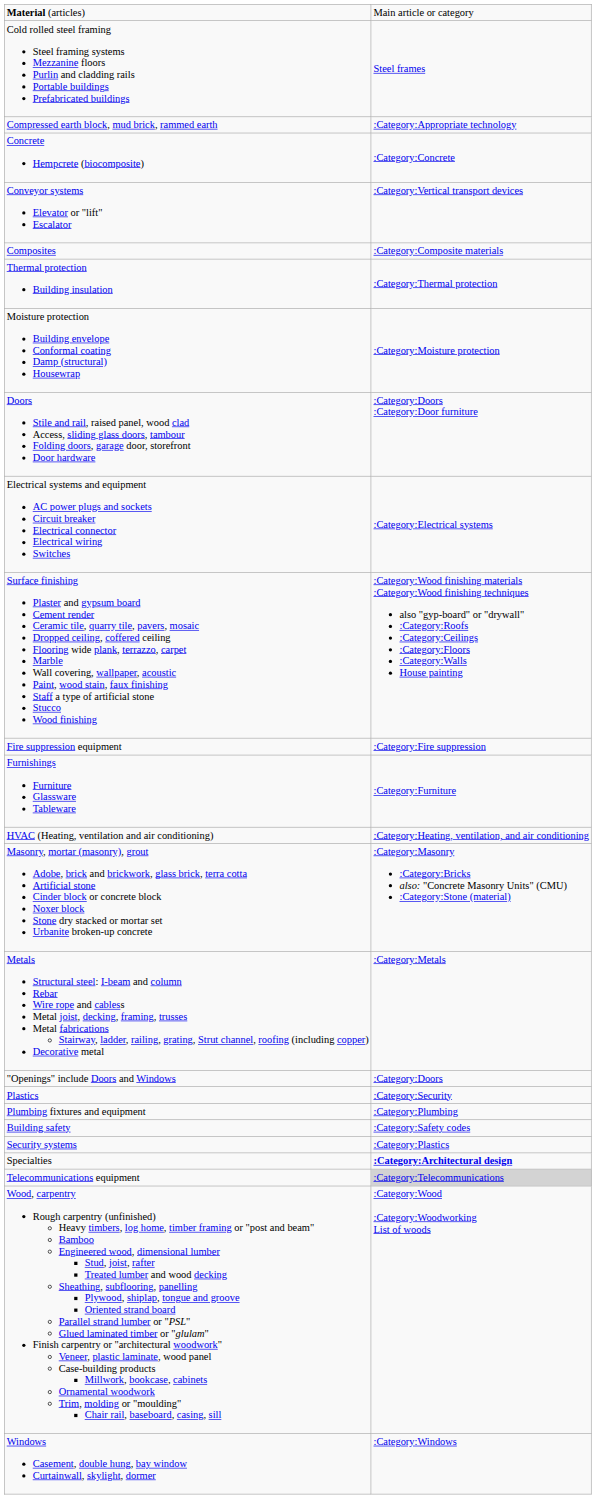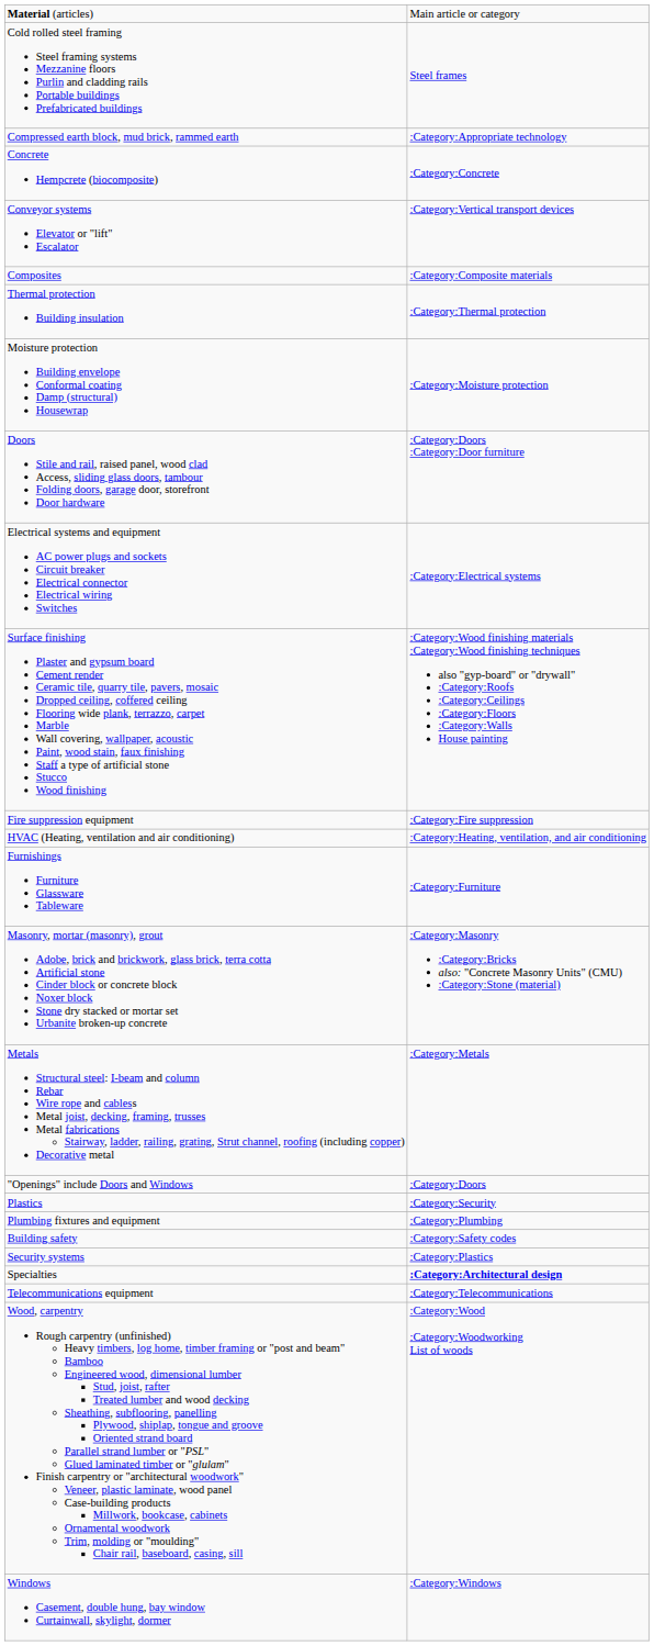 <table class="wikitable">
 <tr>
 <td><strong>Material</strong> (articles)</td>
 <td>Main article or category</td>
 </tr>
 <tr>
 <td>Cold rolled steel framing<br><ul><li>Steel framing systems</li><li><a href='#'>Mezzanine</a> floors</li><li><a href='#'>Purlin</a> and cladding rails</li><li><a href='#'>Portable buildings</a></li><li><a href='#'>Prefabricated buildings</a></li></ul></td>
 <td><a href='#'>Steel frames</a></td>
 </tr>
 <tr>
 <td><a href='#'>Compressed earth block</a>, <a href='#'>mud brick</a>, <a href='#'>rammed earth</a></td>
 <td><a href='#'>:Category:Appropriate technology</a></td>
 </tr>
 <tr>
 <td><a href='#'>Concrete</a><br><ul><li><a href='#'>Hempcrete</a> (<a href='#'>biocomposite</a>)</li></ul></td>
 <td><a href='#'>:Category:Concrete</a></td>
 </tr>
 <tr>
 <td><a href='#'>Conveyor systems</a><br><ul><li><a href='#'>Elevator</a> or "lift"</li><li><a href='#'>Escalator</a></li></ul></td>
 <td valign="top"><a href='#'>:Category:Vertical transport devices</a></td>
 </tr>
 <tr>
 <td><a href='#'>Composites</a></td>
 <td><a href='#'>:Category:Composite materials</a></td>
 </tr>
 <tr>
 <td><a href='#'>Thermal protection</a><br><ul><li><a href='#'>Building insulation</a></li></ul></td>
 <td><a href='#'>:Category:Thermal protection</a></td>
 </tr>
 <tr>
 <td>Moisture protection<br><ul><li><a href='#'>Building envelope</a></li><li><a href='#'>Conformal coating</a></li><li><a href='#'>Damp (structural)</a></li><li><a href='#'>Housewrap</a></li></ul></td>
 <td><a href='#'>:Category:Moisture protection</a></td>
 </tr>
 <tr>
 <td valign="top"><a href='#'>Doors</a><br><ul><li><a href='#'>Stile and rail</a>, raised panel, wood <a href='#'>clad</a></li><li>Access, <a href='#'>sliding glass doors</a>, <a href='#'>tambour</a></li><li><a href='#'>Folding doors</a>, <a href='#'>garage</a> door, storefront</li><li><a href='#'>Door hardware</a></li></ul></td>
 <td valign="top"><a href='#'>:Category:Doors</a><br><a href='#'>:Category:Door furniture</a></td>
 </tr>
 <tr>
 <td>Electrical systems and equipment<br><ul><li><a href='#'>AC power plugs and sockets</a></li><li><a href='#'>Circuit breaker</a></li><li><a href='#'>Electrical connector</a></li><li><a href='#'>Electrical wiring</a></li><li><a href='#'>Switches</a></li></ul></td>
 <td><a href='#'>:Category:Electrical systems</a></td>
 </tr>
 <tr>
 <td valign="top"><a href='#'>Surface finishing</a><br><ul><li><a href='#'>Plaster</a> and <a href='#'>gypsum board</a></li><li><a href='#'>Cement render</a></li><li><a href='#'>Ceramic tile</a>, <a href='#'>quarry tile</a>, <a href='#'>pavers</a>, <a href='#'>mosaic</a></li><li><a href='#'>Dropped ceiling</a>, <a href='#'>coffered</a> ceiling</li><li><a href='#'>Flooring</a> wide <a href='#'>plank</a>, <a href='#'>terrazzo</a>, <a href='#'>carpet</a></li><li><a href='#'>Marble</a></li><li>Wall covering, <a href='#'>wallpaper</a>, <a href='#'>acoustic</a></li><li><a href='#'>Paint</a>, <a href='#'>wood stain</a>, <a href='#'>faux finishing</a></li><li><a href='#'>Staff</a> a type of artificial stone</li><li><a href='#'>Stucco</a></li><li><a href='#'>Wood finishing</a></li></ul></td>
 <td valign="top"><a href='#'>:Category:Wood finishing materials</a><br><a href='#'>:Category:Wood finishing techniques</a><br><ul><li>also "gyp-board" or "drywall"</li><li><a href='#'>:Category:Roofs</a></li><li><a href='#'>:Category:Ceilings</a></li><li><a href='#'>:Category:Floors</a></li><li><a href='#'>:Category:Walls</a></li><li><a href='#'>House painting</a></li></ul></td>
 </tr>
 <tr>
 <td><a href='#'>Fire suppression</a> equipment</td>
 <td><a href='#'>:Category:Fire suppression</a></td>
 </tr>
 <tr>
+<td><a href='#'>HVAC</a> (Heating, ventilation and air conditioning)</td>
+<td><a href='#'>:Category:Heating, ventilation, and air conditioning</a></td>
+</tr>
+<tr>
 <td><a href='#'>Furnishings</a><br><ul><li><a href='#'>Furniture</a></li><li><a href='#'>Glassware</a></li><li><a href='#'>Tableware</a></li></ul></td>
 <td><a href='#'>:Category:Furniture</a></td>
-</tr>
-<tr>
-<td><a href='#'>HVAC</a> (Heating, ventilation and air conditioning)</td>
-<td><a href='#'>:Category:Heating, ventilation, and air conditioning</a></td>
 </tr>
 <tr>
 <td valign="top"><a href='#'>Masonry</a>, <a href='#'>mortar (masonry)</a>, <a href='#'>grout</a><br><ul><li><a href='#'>Adobe</a>, <a href='#'>brick</a> and <a href='#'>brickwork</a>, <a href='#'>glass brick</a>, <a href='#'>terra cotta</a></li><li><a href='#'>Artificial stone</a></li><li><a href='#'>Cinder block</a> or concrete block</li><li><a href='#'>Noxer block</a></li><li><a href='#'>Stone</a> dry stacked or mortar set</li><li><a href='#'>Urbanite</a> broken-up concrete</li></ul></td>
 <td valign="top"><a href='#'>:Category:Masonry</a><br><ul><li><a href='#'>:Category:Bricks</a></li><li><em>also:</em> "Concrete Masonry Units" (CMU)</li><li><a href='#'>:Category:Stone (material)</a></li></ul></td>
 </tr>
 <tr>
 <td><a href='#'>Metals</a><br><ul><li><a href='#'>Structural steel</a>: <a href='#'>I-beam</a> and <a href='#'>column</a></li><li><a href='#'>Rebar</a></li><li><a href='#'>Wire rope</a> and <a href='#'>cables</a>s</li><li>Metal <a href='#'>joist</a>, <a href='#'>decking</a>, <a href='#'>framing</a>, <a href='#'>trusses</a></li><li>Metal <a href='#'>fabrications</a><ul><li><a href='#'>Stairway</a>, <a href='#'>ladder</a>, <a href='#'>railing</a>, <a href='#'>grating</a>, <a href='#'>Strut channel</a>, <a href='#'>roofing</a> (including <a href='#'>copper</a>)</li></ul></li><li><a href='#'>Decorative</a> metal</li></ul></td>
 <td valign="top"><a href='#'>:Category:Metals</a></td>
 </tr>
 <tr>
 <td>"Openings" include <a href='#'>Doors</a> and <a href='#'>Windows</a></td>
 <td><a href='#'>:Category:Doors</a></td>
 </tr>
 <tr>
 <td><a href='#'>Plastics</a></td>
 <td><a href='#'>:Category:Security</a></td>
 </tr>
 <tr>
 <td><a href='#'>Plumbing</a> fixtures and equipment</td>
 <td><a href='#'>:Category:Plumbing</a></td>
 </tr>
 <tr>
 <td><a href='#'>Building safety</a></td>
 <td><a href='#'>:Category:Safety codes</a></td>
 </tr>
 <tr>
 <td><a href='#'>Security systems</a></td>
 <td><a href='#'>:Category:Plastics</a></td>
 </tr>
 <tr>
 <td>Specialties</td>
 <td><strong><a href='#'>:Category:Architectural design</a></strong></td>
 </tr>
 <tr>
 <td><a href='#'>Telecommunications</a> equipment</td>
-<td style="background: lightgrey;"><a href='#'>:Category:Telecommunications</a></td>
+<td><a href='#'>:Category:Telecommunications</a></td>
 </tr>
 <tr>
 <td><a href='#'>Wood</a>, <a href='#'>carpentry</a><br><ul><li>Rough carpentry (unfinished)<ul><li>Heavy <a href='#'>timbers</a>, <a href='#'>log home</a>, <a href='#'>timber framing</a> or "post and beam"</li><li><a href='#'>Bamboo</a></li><li><a href='#'>Engineered wood</a>, <a href='#'>dimensional lumber</a><ul><li><a href='#'>Stud</a>, <a href='#'>joist</a>, <a href='#'>rafter</a></li><li><a href='#'>Treated lumber</a> and wood <a href='#'>decking</a></li></ul></li><li><a href='#'>Sheathing</a>, <a href='#'>subflooring</a>, <a href='#'>panelling</a><ul><li><a href='#'>Plywood</a>, <a href='#'>shiplap</a>, <a href='#'>tongue and groove</a></li><li><a href='#'>Oriented strand board</a></li></ul></li><li><a href='#'>Parallel strand lumber</a> or "<em>PSL</em>"</li><li><a href='#'>Glued laminated timber</a> or "<em>glulam</em>"</li></ul></li><li>Finish carpentry or "architectural <a href='#'>woodwork</a>"<ul><li><a href='#'>Veneer</a>, <a href='#'>plastic laminate</a>, wood panel</li><li>Case-building products<ul><li><a href='#'>Millwork</a>, <a href='#'>bookcase</a>, <a href='#'>cabinets</a></li></ul></li><li><a href='#'>Ornamental woodwork</a></li><li><a href='#'>Trim</a>, <a href='#'>molding</a> or "moulding"<ul><li><a href='#'>Chair rail</a>, <a href='#'>baseboard</a>, <a href='#'>casing</a>, <a href='#'>sill</a></li></ul></li></ul></li></ul></td>
 <td valign="top"><a href='#'>:Category:Wood</a><br><br><a href='#'>:Category:Woodworking</a><br> <a href='#'>List of woods</a></td>
 </tr>
 <tr>
 <td><a href='#'>Windows</a><br><ul><li><a href='#'>Casement</a>, <a href='#'>double hung</a>, <a href='#'>bay window</a></li><li><a href='#'>Curtainwall</a>, <a href='#'>skylight</a>, <a href='#'>dormer</a></li></ul></td>
 <td valign="top"><a href='#'>:Category:Windows</a></td>
 </tr>
 </table>
